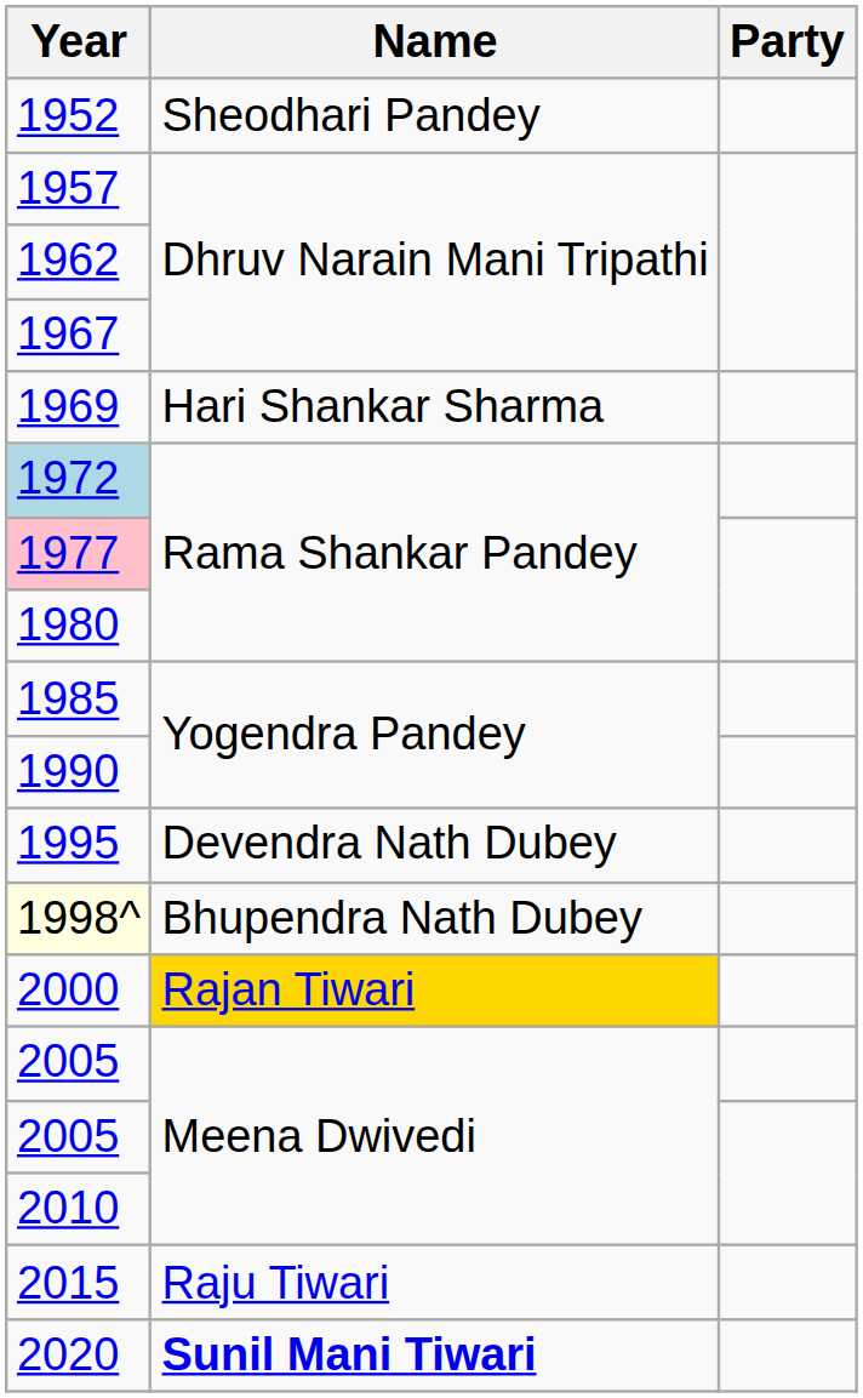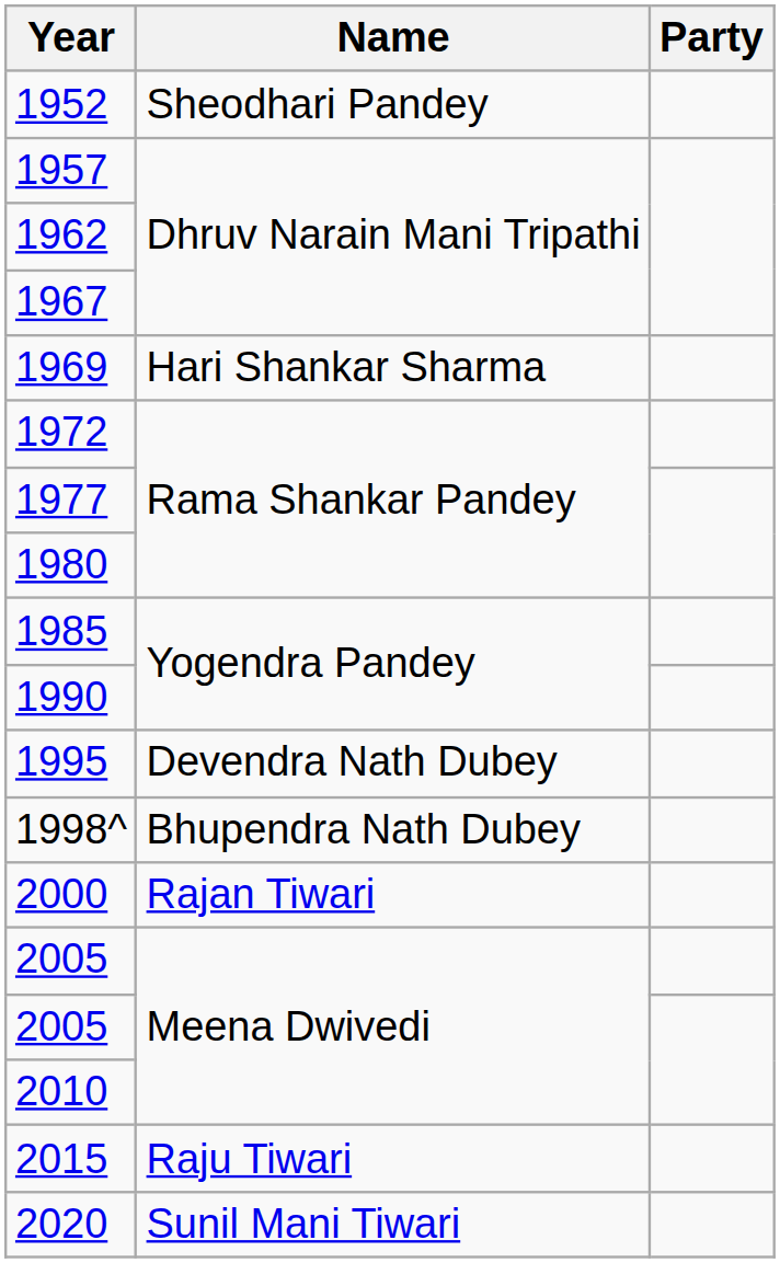 <table class="wikitable sortable">
 <tr>
 <th>Year</th>
 <th>Name</th>
 <th colspan="2">Party</th>
 </tr>
 <tr>
 <td><a href='#'>1952</a></td>
 <td>Sheodhari Pandey</td>
 <td></td>
 </tr>
 <tr>
 <td><a href='#'>1957</a></td>
 <td rowspan="3">Dhruv Narain Mani Tripathi</td>
 </tr>
 <tr>
 <td><a href='#'>1962</a></td>
 </tr>
 <tr>
 <td><a href='#'>1967</a></td>
 </tr>
 <tr>
 <td><a href='#'>1969</a></td>
 <td>Hari Shankar Sharma</td>
 <td></td>
 </tr>
 <tr>
-<td style="background: lightblue;"><a href='#'>1972</a></td>
+<td><a href='#'>1972</a></td>
 <td rowspan="3">Rama Shankar Pandey</td>
 <td></td>
 </tr>
 <tr>
-<td style="background: pink;"><a href='#'>1977</a></td>
+<td><a href='#'>1977</a></td>
 </tr>
 <tr>
 <td><a href='#'>1980</a></td>
 </tr>
 <tr>
 <td><a href='#'>1985</a></td>
 <td rowspan="2">Yogendra Pandey</td>
 <td></td>
 </tr>
 <tr>
 <td><a href='#'>1990</a></td>
 <td></td>
 </tr>
 <tr>
 <td><a href='#'>1995</a></td>
 <td>Devendra Nath Dubey</td>
 <td></td>
 </tr>
 <tr>
-<td style="background: lightyellow;">1998^</td>
+<td>1998^</td>
 <td>Bhupendra Nath Dubey</td>
 </tr>
 <tr>
 <td><a href='#'>2000</a></td>
-<td style="background: gold;"><a href='#'>Rajan Tiwari</a></td>
+<td><a href='#'>Rajan Tiwari</a></td>
 <td></td>
 </tr>
 <tr>
 <td><a href='#'>2005</a></td>
 <td rowspan="3">Meena Dwivedi</td>
 <td></td>
 </tr>
 <tr>
 <td><a href='#'>2005</a></td>
 </tr>
 <tr>
 <td><a href='#'>2010</a></td>
 </tr>
 <tr>
 <td><a href='#'>2015</a></td>
 <td><a href='#'>Raju Tiwari</a></td>
 <td></td>
 </tr>
 <tr>
 <td><a href='#'>2020</a></td>
-<td><strong><a href='#'>Sunil Mani Tiwari</a></strong></td>
+<td><a href='#'>Sunil Mani Tiwari</a></td>
 <td></td>
 </tr>
 </table>
